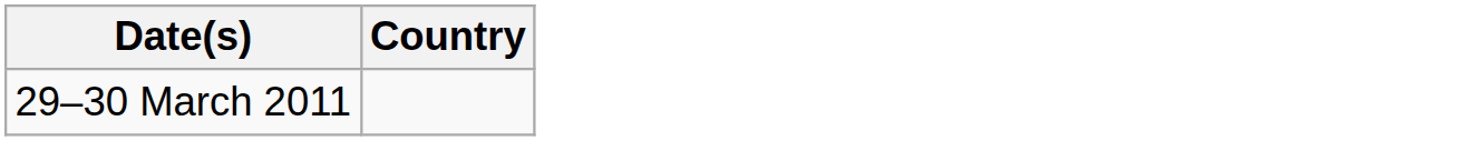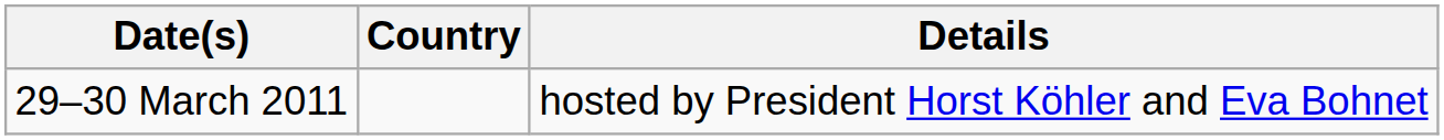 <table class="wikitable">
 <tr>
 <th>Date(s)</th>
 <th>Country</th>
+<th>Details</th>
 </tr>
 <tr>
 <td>29–30 March 2011</td>
 <td></td>
+<td>hosted by President <a href='#'>Horst Köhler</a> and <a href='#'>Eva Bohnet</a></td>
 </tr>
 </table>
